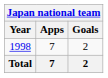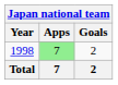 <table class="wikitable" style="text-align:center">
 <tr>
 <th colspan=3><a href='#'>Japan national team</a></th>
 </tr>
 <tr>
 <th>Year</th>
 <th>Apps</th>
 <th>Goals</th>
 </tr>
 <tr>
 <td><a href='#'>1998</a></td>
-<td>7</td>
+<td style="background: lightgreen;">7</td>
 <td>2</td>
 </tr>
 <tr>
 <th>Total</th>
 <th>7</th>
 <th>2</th>
 </tr>
 </table>
